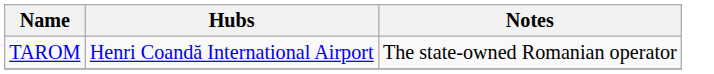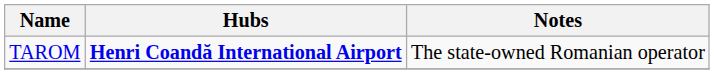 <table class="wikitable">
 <tr>
 <th>Name</th>
 <th>Hubs</th>
 <th>Notes</th>
 </tr>
 <tr>
 <td><a href='#'>TAROM</a></td>
-<td><a href='#'>Henri Coandă International Airport</a></td>
+<td><strong><a href='#'>Henri Coandă International Airport</a></strong></td>
 <td>The state-owned Romanian operator</td>
 </tr>
 <tr>
 </tr>
 </table>
